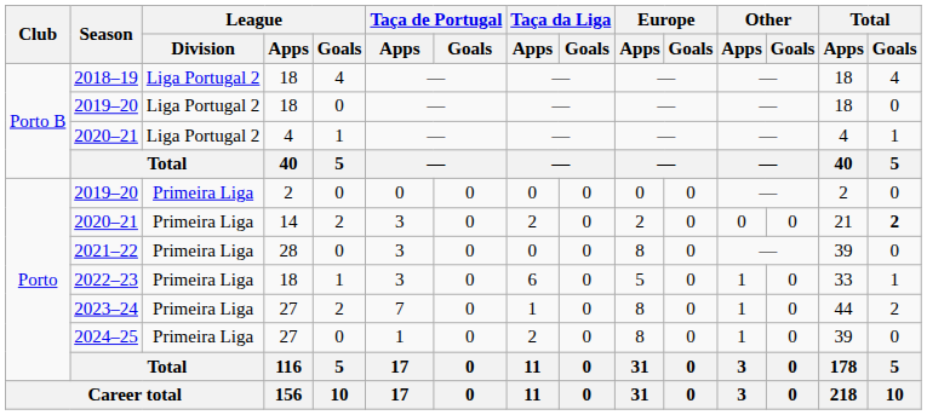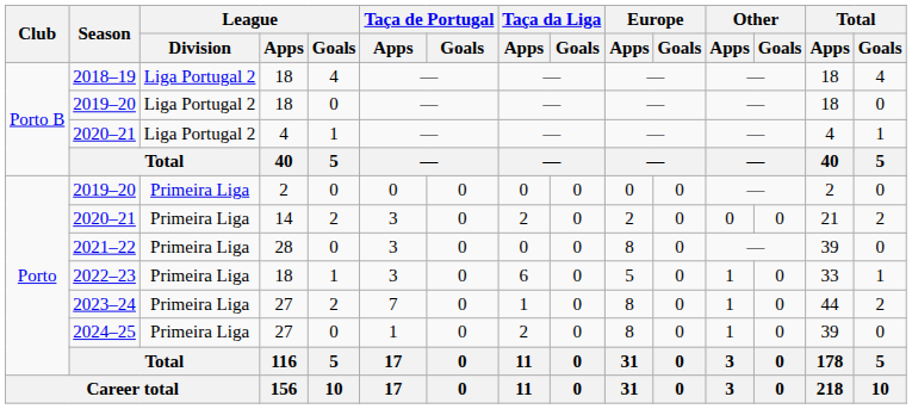 <table class="wikitable" style="text-align:center">
 <tr>
 <th rowspan="2">Club</th>
 <th rowspan="2">Season</th>
 <th colspan="3">League</th>
 <th colspan="2"><a href='#'>Taça de Portugal</a></th>
 <th colspan="2"><a href='#'>Taça da Liga</a></th>
 <th colspan="2">Europe</th>
 <th colspan="2">Other</th>
 <th colspan="2">Total</th>
 </tr>
 <tr>
 <th>Division</th>
 <th>Apps</th>
 <th>Goals</th>
 <th>Apps</th>
 <th>Goals</th>
 <th>Apps</th>
 <th>Goals</th>
 <th>Apps</th>
 <th>Goals</th>
 <th>Apps</th>
 <th>Goals</th>
 <th>Apps</th>
 <th>Goals</th>
 </tr>
 <tr>
 <td rowspan="4"><a href='#'>Porto B</a></td>
 <td><a href='#'>2018–19</a></td>
 <td><a href='#'>Liga Portugal 2</a></td>
 <td>18</td>
 <td>4</td>
 <td colspan="2">—</td>
 <td colspan="2">—</td>
 <td colspan="2">—</td>
 <td colspan="2">—</td>
 <td>18</td>
 <td>4</td>
 </tr>
 <tr>
 <td><a href='#'>2019–20</a></td>
 <td>Liga Portugal 2</td>
 <td>18</td>
 <td>0</td>
 <td colspan="2">—</td>
 <td colspan="2">—</td>
 <td colspan="2">—</td>
 <td colspan="2">—</td>
 <td>18</td>
 <td>0</td>
 </tr>
 <tr>
 <td><a href='#'>2020–21</a></td>
 <td>Liga Portugal 2</td>
 <td>4</td>
 <td>1</td>
 <td colspan="2">—</td>
 <td colspan="2">—</td>
 <td colspan="2">—</td>
 <td colspan="2">—</td>
 <td>4</td>
 <td>1</td>
 </tr>
 <tr>
 <th colspan="2">Total</th>
 <th>40</th>
 <th>5</th>
 <th colspan="2">—</th>
 <th colspan="2">—</th>
 <th colspan="2">—</th>
 <th colspan="2">—</th>
 <th>40</th>
 <th>5</th>
 </tr>
 <tr>
 <td rowspan="7"><a href='#'>Porto</a></td>
 <td><a href='#'>2019–20</a></td>
 <td><a href='#'>Primeira Liga</a></td>
 <td>2</td>
 <td>0</td>
 <td>0</td>
 <td>0</td>
 <td>0</td>
 <td>0</td>
 <td>0</td>
 <td>0</td>
 <td colspan="2">—</td>
 <td>2</td>
 <td>0</td>
 </tr>
 <tr>
 <td><a href='#'>2020–21</a></td>
 <td>Primeira Liga</td>
 <td>14</td>
 <td>2</td>
 <td>3</td>
 <td>0</td>
 <td>2</td>
 <td>0</td>
 <td>2</td>
 <td>0</td>
 <td>0</td>
 <td>0</td>
 <td>21</td>
-<td><strong>2</strong></td>
+<td>2</td>
 </tr>
 <tr>
 <td><a href='#'>2021–22</a></td>
 <td>Primeira Liga</td>
 <td>28</td>
 <td>0</td>
 <td>3</td>
 <td>0</td>
 <td>0</td>
 <td>0</td>
 <td>8</td>
 <td>0</td>
 <td colspan="2">—</td>
 <td>39</td>
 <td>0</td>
 </tr>
 <tr>
 <td><a href='#'>2022–23</a></td>
 <td>Primeira Liga</td>
 <td>18</td>
 <td>1</td>
 <td>3</td>
 <td>0</td>
 <td>6</td>
 <td>0</td>
 <td>5</td>
 <td>0</td>
 <td>1</td>
 <td>0</td>
 <td>33</td>
 <td>1</td>
 </tr>
 <tr>
 <td><a href='#'>2023–24</a></td>
 <td>Primeira Liga</td>
 <td>27</td>
 <td>2</td>
 <td>7</td>
 <td>0</td>
 <td>1</td>
 <td>0</td>
 <td>8</td>
 <td>0</td>
 <td>1</td>
 <td>0</td>
 <td>44</td>
 <td>2</td>
 </tr>
 <tr>
 <td><a href='#'>2024–25</a></td>
 <td>Primeira Liga</td>
 <td>27</td>
 <td>0</td>
 <td>1</td>
 <td>0</td>
 <td>2</td>
 <td>0</td>
 <td>8</td>
 <td>0</td>
 <td>1</td>
 <td>0</td>
 <td>39</td>
 <td>0</td>
 </tr>
 <tr>
 <th colspan="2">Total</th>
 <th>116</th>
 <th>5</th>
 <th>17</th>
 <th>0</th>
 <th>11</th>
 <th>0</th>
 <th>31</th>
 <th>0</th>
 <th>3</th>
 <th>0</th>
 <th>178</th>
 <th>5</th>
 </tr>
 <tr>
 <th colspan="3">Career total</th>
 <th>156</th>
 <th>10</th>
 <th>17</th>
 <th>0</th>
 <th>11</th>
 <th>0</th>
 <th>31</th>
 <th>0</th>
 <th>3</th>
 <th>0</th>
 <th>218</th>
 <th>10</th>
 </tr>
 </table>
